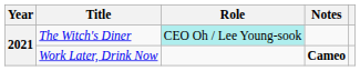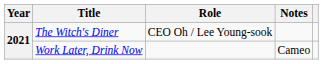 <table class="wikitable plainrowheaders">
 <tr>
 <th scope="col">Year</th>
 <th scope="col">Title</th>
 <th scope="col">Role</th>
 <th scope="col">Notes</th>
 <th scope="col"></th>
 </tr>
 <tr>
 <th scope="row" rowspan="2">2021</th>
 <td><em><a href='#'>The Witch's Diner</a></em></td>
-<td style="background: paleturquoise;">CEO Oh / Lee Young-sook</td>
+<td>CEO Oh / Lee Young-sook</td>
 <td></td>
 <td style="text-align:center"></td>
 </tr>
 <tr>
 <td><em><a href='#'>Work Later, Drink Now</a></em></td>
 <td></td>
-<td><strong>Cameo</strong></td>
+<td>Cameo</td>
 <td style="text-align:center"></td>
 </tr>
 </table>
